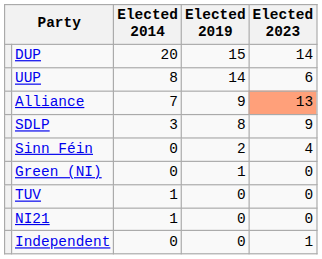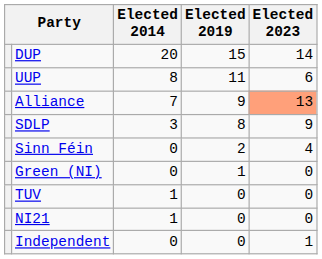 <table class="wikitable" style="font-size: 95%;">
 <tr>
 <th colspan=2>Party</th>
 <th>Elected<br>2014</th>
 <th>Elected<br>2019</th>
 <th>Elected<br>2023</th>
 </tr>
 <tr>
 <th style="background-color: "></th>
 <td><a href='#'>DUP</a></td>
 <td align="right">20</td>
 <td align="right">15</td>
 <td align="right">14</td>
 </tr>
 <tr>
 <th style="background-color: "></th>
 <td><a href='#'>UUP</a></td>
 <td align="right">8</td>
-<td align="right">14</td>
+<td align="right">11</td>
 <td align="right">6</td>
 </tr>
 <tr>
 <th style="background-color: "></th>
 <td><a href='#'>Alliance</a></td>
 <td align="right">7</td>
 <td align="right">9</td>
 <td align="right" style="background: lightsalmon;">13</td>
 </tr>
 <tr>
 <th style="background-color: "></th>
 <td><a href='#'>SDLP</a></td>
 <td align="right">3</td>
 <td align="right">8</td>
 <td align="right">9</td>
 </tr>
 <tr>
 <th style="background-color: "></th>
 <td><a href='#'>Sinn Féin</a></td>
 <td align="right">0</td>
 <td align="right">2</td>
 <td align="right">4</td>
 </tr>
 <tr>
 <th style="background-color: "></th>
 <td><a href='#'>Green (NI)</a></td>
 <td align="right">0</td>
 <td align="right">1</td>
 <td align="right">0</td>
 </tr>
 <tr>
 <th style="background-color: "></th>
 <td><a href='#'>TUV</a></td>
 <td align="right">1</td>
 <td align="right">0</td>
 <td align="right">0</td>
 </tr>
 <tr>
 <th style="background-color: "></th>
 <td><a href='#'>NI21</a></td>
 <td align="right">1</td>
 <td align="right">0</td>
 <td align="right">0</td>
 </tr>
 <tr>
 <th style="background-color: "></th>
 <td><a href='#'>Independent</a></td>
 <td align="right">0</td>
 <td align="right">0</td>
 <td align="right">1</td>
 </tr>
 </table>
